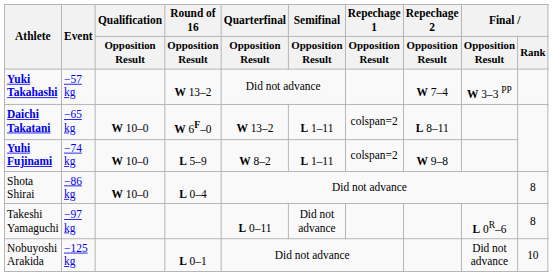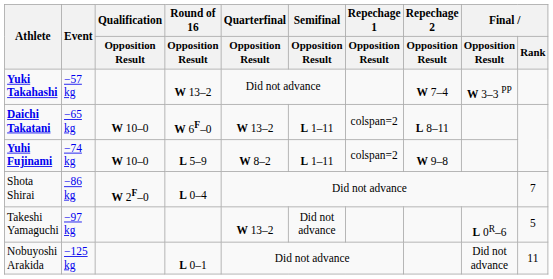 <table class=wikitable style=font-size:85%;text-align:center>
 <tr>
 <th rowspan="2">Athlete</th>
 <th rowspan="2">Event</th>
 <th>Qualification</th>
 <th>Round of 16</th>
 <th>Quarterfinal</th>
 <th>Semifinal</th>
 <th>Repechage 1</th>
 <th>Repechage 2</th>
 <th colspan=2>Final / </th>
 </tr>
 <tr style="font-size: 95%">
 <th>Opposition<br>Result</th>
 <th>Opposition<br>Result</th>
 <th>Opposition<br>Result</th>
 <th>Opposition<br>Result</th>
 <th>Opposition<br>Result</th>
 <th>Opposition<br>Result</th>
 <th>Opposition<br>Result</th>
 <th>Rank</th>
 </tr>
 <tr>
 <td style="text-align:left"><strong><a href='#'>Yuki Takahashi</a></strong></td>
 <td style="text-align:left"><a href='#'>−57 kg</a></td>
 <td></td>
 <td><br><strong>W</strong> 13–2</td>
 <td colspan=2>Did not advance</td>
 <td></td>
 <td><br><strong>W</strong> 7–4</td>
 <td><br><strong>W</strong> 3–3 <sup>PP</sup></td>
 <td></td>
 </tr>
 <tr>
 <td style="text-align:left"><strong><a href='#'>Daichi Takatani</a></strong></td>
 <td style="text-align:left"><a href='#'>−65 kg</a></td>
 <td><br><strong>W</strong> 10–0</td>
 <td><br><strong>W</strong> 6<sup><strong>F</strong></sup>–0</td>
 <td><br><strong>W</strong> 13–2</td>
 <td><br><strong>L</strong> 1–11</td>
 <td>colspan=2 </td>
 <td><br><strong>L</strong> 8–11</td>
 <td></td>
 </tr>
 <tr>
 <td style="text-align:left"><strong><a href='#'>Yuhi Fujinami</a></strong></td>
 <td style="text-align:left"><a href='#'>−74 kg</a></td>
 <td><br><strong>W</strong> 10–0</td>
 <td><br><strong>L</strong> 5–9</td>
 <td><br><strong>W</strong> 8–2</td>
 <td><br><strong>L</strong> 1–11</td>
 <td>colspan=2 </td>
 <td><br><strong>W</strong> 9–8</td>
 <td></td>
 </tr>
 <tr>
 <td style="text-align:left">Shota Shirai</td>
 <td style="text-align:left"><a href='#'>−86 kg</a></td>
-<td><br><strong>W</strong> 10–0</td>
+<td><br><strong>W</strong> 2<sup><strong>F</strong></sup>–0</td>
 <td><br><strong>L</strong> 0–4</td>
 <td colspan=5>Did not advance</td>
-<td>8</td>
+<td>7</td>
 </tr>
 <tr>
 <td style="text-align:left">Takeshi Yamaguchi</td>
 <td style="text-align:left"><a href='#'>−97 kg</a></td>
 <td></td>
 <td></td>
-<td><br><strong>L</strong> 0–11</td>
+<td><br><strong>W</strong> 13–2</td>
 <td>Did not advance</td>
 <td></td>
 <td></td>
 <td><br><strong>L</strong> 0<sup>R</sup>–6</td>
-<td>8</td>
+<td>5</td>
 </tr>
 <tr>
 <td style="text-align:left">Nobuyoshi Arakida</td>
 <td style="text-align:left"><a href='#'>−125 kg</a></td>
 <td></td>
 <td><br><strong>L</strong> 0–1</td>
 <td colspan=3>Did not advance</td>
 <td></td>
 <td>Did not advance</td>
-<td>10</td>
+<td>11</td>
 </tr>
 </table>
